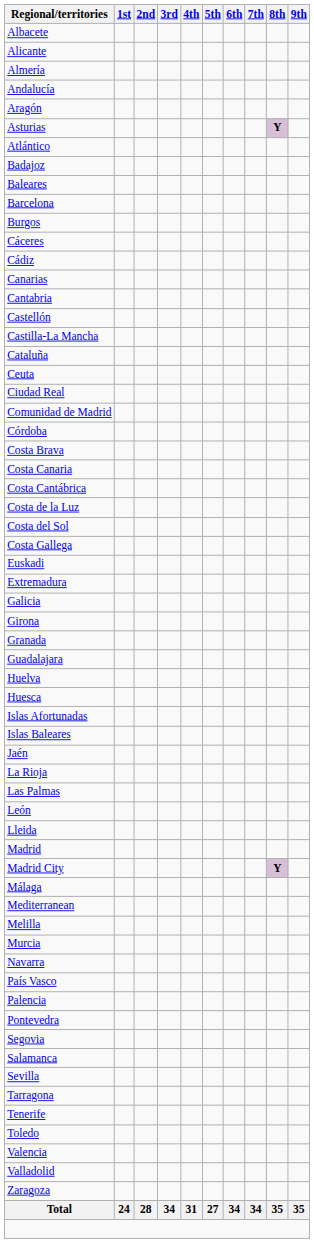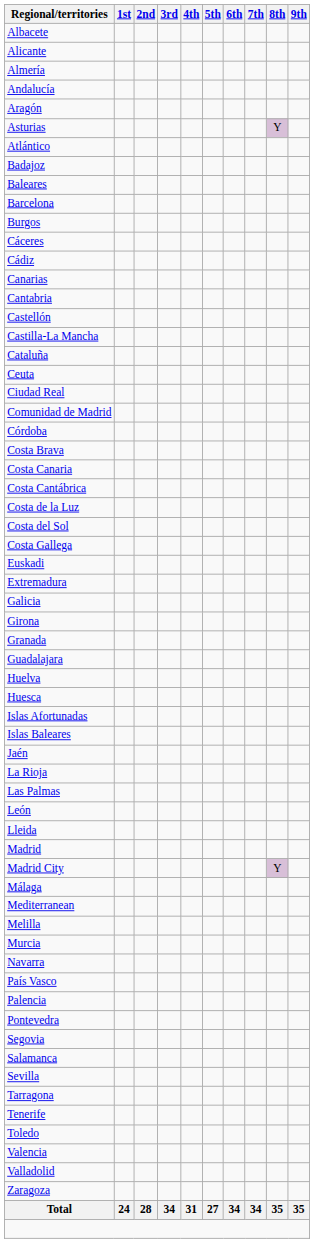 <table class="wikitable sortable" style="font-size: 80%;">
 <tr>
 <th>Regional/territories</th>
 <th><a href='#'>1st</a></th>
 <th><a href='#'>2nd</a></th>
 <th><a href='#'>3rd</a></th>
 <th><a href='#'>4th</a></th>
 <th><a href='#'>5th</a></th>
 <th><a href='#'>6th</a></th>
 <th><a href='#'>7th</a></th>
 <th><a href='#'>8th</a></th>
 <th><a href='#'>9th</a></th>
 </tr>
 <tr>
 <td><a href='#'>Albacete</a></td>
 <td></td>
 <td></td>
 <td></td>
 <td></td>
 <td></td>
 <td></td>
 <td></td>
 <td></td>
 <td></td>
 </tr>
 <tr>
 <td><a href='#'>Alicante</a></td>
 <td></td>
 <td></td>
 <td></td>
 <td></td>
 <td></td>
 <td></td>
 <td></td>
 <td></td>
 <td></td>
 </tr>
 <tr>
 <td><a href='#'>Almería</a></td>
 <td></td>
 <td></td>
 <td></td>
 <td></td>
 <td></td>
 <td></td>
 <td></td>
 <td></td>
 <td></td>
 </tr>
 <tr>
 <td><a href='#'>Andalucía</a></td>
 <td></td>
 <td></td>
 <td></td>
 <td></td>
 <td></td>
 <td></td>
 <td></td>
 <td></td>
 <td></td>
 </tr>
 <tr>
 <td><a href='#'>Aragón</a></td>
 <td></td>
 <td></td>
 <td></td>
 <td></td>
 <td></td>
 <td></td>
 <td></td>
 <td></td>
 <td></td>
 </tr>
 <tr>
 <td><a href='#'>Asturias</a></td>
 <td></td>
 <td></td>
 <td></td>
 <td></td>
 <td></td>
 <td></td>
 <td></td>
-<td bgcolor=#D8BFD8 align=center><strong>Y</strong></td>
+<td bgcolor=#D8BFD8 align=center>Y</td>
 <td></td>
 </tr>
 <tr>
 <td><a href='#'>Atlántico</a></td>
 <td></td>
 <td></td>
 <td></td>
 <td></td>
 <td></td>
 <td></td>
 <td></td>
 <td></td>
 <td></td>
 </tr>
 <tr>
 <td><a href='#'>Badajoz</a></td>
 <td></td>
 <td></td>
 <td></td>
 <td></td>
 <td></td>
 <td></td>
 <td></td>
 <td></td>
 <td></td>
 </tr>
 <tr>
 <td><a href='#'>Baleares</a></td>
 <td></td>
 <td></td>
 <td></td>
 <td></td>
 <td></td>
 <td></td>
 <td></td>
 <td></td>
 <td></td>
 </tr>
 <tr>
 <td><a href='#'>Barcelona</a></td>
 <td></td>
 <td></td>
 <td></td>
 <td></td>
 <td></td>
 <td></td>
 <td></td>
 <td></td>
 <td></td>
 </tr>
 <tr>
 <td><a href='#'>Burgos</a></td>
 <td></td>
 <td></td>
 <td></td>
 <td></td>
 <td></td>
 <td></td>
 <td></td>
 <td></td>
 <td></td>
 </tr>
 <tr>
 <td><a href='#'>Cáceres</a></td>
 <td></td>
 <td></td>
 <td></td>
 <td></td>
 <td></td>
 <td></td>
 <td></td>
 <td></td>
 <td></td>
 </tr>
 <tr>
 <td><a href='#'>Cádiz</a></td>
 <td></td>
 <td></td>
 <td></td>
 <td></td>
 <td></td>
 <td></td>
 <td></td>
 <td></td>
 <td></td>
 </tr>
 <tr>
 <td><a href='#'>Canarias</a></td>
 <td></td>
 <td></td>
 <td></td>
 <td></td>
 <td></td>
 <td></td>
 <td></td>
 <td></td>
 <td></td>
 </tr>
 <tr>
 <td><a href='#'>Cantabria</a></td>
 <td></td>
 <td></td>
 <td></td>
 <td></td>
 <td></td>
 <td></td>
 <td></td>
 <td></td>
 <td></td>
 </tr>
 <tr>
 <td><a href='#'>Castellón</a></td>
 <td></td>
 <td></td>
 <td></td>
 <td></td>
 <td></td>
 <td></td>
 <td></td>
 <td></td>
 <td></td>
 </tr>
 <tr>
 <td><a href='#'>Castilla-La Mancha</a></td>
 <td></td>
 <td></td>
 <td></td>
 <td></td>
 <td></td>
 <td></td>
 <td></td>
 <td></td>
 <td></td>
 </tr>
 <tr>
 <td><a href='#'>Cataluña</a></td>
 <td></td>
 <td></td>
 <td></td>
 <td></td>
 <td></td>
 <td></td>
 <td></td>
 <td></td>
 <td></td>
 </tr>
 <tr>
 <td><a href='#'>Ceuta</a></td>
 <td></td>
 <td></td>
 <td></td>
 <td></td>
 <td></td>
 <td></td>
 <td></td>
 <td></td>
 <td></td>
 </tr>
 <tr>
 <td><a href='#'>Ciudad Real</a></td>
 <td></td>
 <td></td>
 <td></td>
 <td></td>
 <td></td>
 <td></td>
 <td></td>
 <td></td>
 <td></td>
 </tr>
 <tr>
 <td><a href='#'>Comunidad de Madrid</a></td>
 <td></td>
 <td></td>
 <td></td>
 <td></td>
 <td></td>
 <td></td>
 <td></td>
 <td></td>
 <td></td>
 </tr>
 <tr>
 <td><a href='#'>Córdoba</a></td>
 <td></td>
 <td></td>
 <td></td>
 <td></td>
 <td></td>
 <td></td>
 <td></td>
 <td></td>
 <td></td>
 </tr>
 <tr>
 <td><a href='#'>Costa Brava</a></td>
 <td></td>
 <td></td>
 <td></td>
 <td></td>
 <td></td>
 <td></td>
 <td></td>
 <td></td>
 <td></td>
 </tr>
 <tr>
 <td><a href='#'>Costa Canaria</a></td>
 <td></td>
 <td></td>
 <td></td>
 <td></td>
 <td></td>
 <td></td>
 <td></td>
 <td></td>
 <td></td>
 </tr>
 <tr>
 <td><a href='#'>Costa Cantábrica</a></td>
 <td></td>
 <td></td>
 <td></td>
 <td></td>
 <td></td>
 <td></td>
 <td></td>
 <td></td>
 <td></td>
 </tr>
 <tr>
 <td><a href='#'>Costa de la Luz</a></td>
 <td></td>
 <td></td>
 <td></td>
 <td></td>
 <td></td>
 <td></td>
 <td></td>
 <td></td>
 <td></td>
 </tr>
 <tr>
 <td><a href='#'>Costa del Sol</a></td>
 <td></td>
 <td></td>
 <td></td>
 <td></td>
 <td></td>
 <td></td>
 <td></td>
 <td></td>
 <td></td>
 </tr>
 <tr>
 <td><a href='#'>Costa Gallega</a></td>
 <td></td>
 <td></td>
 <td></td>
 <td></td>
 <td></td>
 <td></td>
 <td></td>
 <td></td>
 <td></td>
 </tr>
 <tr>
 <td><a href='#'>Euskadi</a></td>
 <td></td>
 <td></td>
 <td></td>
 <td></td>
 <td></td>
 <td></td>
 <td></td>
 <td></td>
 <td></td>
 </tr>
 <tr>
 <td><a href='#'>Extremadura</a></td>
 <td></td>
 <td></td>
 <td></td>
 <td></td>
 <td></td>
 <td></td>
 <td></td>
 <td></td>
 <td></td>
 </tr>
 <tr>
 <td><a href='#'>Galicia</a></td>
 <td></td>
 <td></td>
 <td></td>
 <td></td>
 <td></td>
 <td></td>
 <td></td>
 <td></td>
 <td></td>
 </tr>
 <tr>
 <td><a href='#'>Girona</a></td>
 <td></td>
 <td></td>
 <td></td>
 <td></td>
 <td></td>
 <td></td>
 <td></td>
 <td></td>
 <td></td>
 </tr>
 <tr>
 <td><a href='#'>Granada</a></td>
 <td></td>
 <td></td>
 <td></td>
 <td></td>
 <td></td>
 <td></td>
 <td></td>
 <td></td>
 <td></td>
 </tr>
 <tr>
 <td><a href='#'>Guadalajara</a></td>
 <td></td>
 <td></td>
 <td></td>
 <td></td>
 <td></td>
 <td></td>
 <td></td>
 <td></td>
 <td></td>
 </tr>
 <tr>
 <td><a href='#'>Huelva</a></td>
 <td></td>
 <td></td>
 <td></td>
 <td></td>
 <td></td>
 <td></td>
 <td></td>
 <td></td>
 <td></td>
 </tr>
 <tr>
 <td><a href='#'>Huesca</a></td>
 <td></td>
 <td></td>
 <td></td>
 <td></td>
 <td></td>
 <td></td>
 <td></td>
 <td></td>
 <td></td>
 </tr>
 <tr>
 <td><a href='#'>Islas Afortunadas</a></td>
 <td></td>
 <td></td>
 <td></td>
 <td></td>
 <td></td>
 <td></td>
 <td></td>
 <td></td>
 <td></td>
 </tr>
 <tr>
 <td><a href='#'>Islas Baleares</a></td>
 <td></td>
 <td></td>
 <td></td>
 <td></td>
 <td></td>
 <td></td>
 <td></td>
 <td></td>
 <td></td>
 </tr>
 <tr>
 <td><a href='#'>Jaén</a></td>
 <td></td>
 <td></td>
 <td></td>
 <td></td>
 <td></td>
 <td></td>
 <td></td>
 <td></td>
 <td></td>
 </tr>
 <tr>
 <td><a href='#'>La Rioja</a></td>
 <td></td>
 <td></td>
 <td></td>
 <td></td>
 <td></td>
 <td></td>
 <td></td>
 <td></td>
 <td></td>
 </tr>
 <tr>
 <td><a href='#'>Las Palmas</a></td>
 <td></td>
 <td></td>
 <td></td>
 <td></td>
 <td></td>
 <td></td>
 <td></td>
 <td></td>
 <td></td>
 </tr>
 <tr>
 <td><a href='#'>León</a></td>
 <td></td>
 <td></td>
 <td></td>
 <td></td>
 <td></td>
 <td></td>
 <td></td>
 <td></td>
 <td></td>
 </tr>
 <tr>
 <td><a href='#'>Lleida</a></td>
 <td></td>
 <td></td>
 <td></td>
 <td></td>
 <td></td>
 <td></td>
 <td></td>
 <td></td>
 <td></td>
 </tr>
 <tr>
 <td><a href='#'>Madrid</a></td>
 <td></td>
 <td></td>
 <td></td>
 <td></td>
 <td></td>
 <td></td>
 <td></td>
 <td></td>
 <td></td>
 </tr>
 <tr>
 <td><a href='#'>Madrid City</a></td>
 <td></td>
 <td></td>
 <td></td>
 <td></td>
 <td></td>
 <td></td>
 <td></td>
-<td bgcolor=#D8BFD8 align=center><strong>Y</strong></td>
+<td bgcolor=#D8BFD8 align=center>Y</td>
 <td></td>
 </tr>
 <tr>
 <td><a href='#'>Málaga</a></td>
 <td></td>
 <td></td>
 <td></td>
 <td></td>
 <td></td>
 <td></td>
 <td></td>
 <td></td>
 <td></td>
 </tr>
 <tr>
 <td><a href='#'>Mediterranean</a></td>
 <td></td>
 <td></td>
 <td></td>
 <td></td>
 <td></td>
 <td></td>
 <td></td>
 <td></td>
 <td></td>
 </tr>
 <tr>
 <td><a href='#'>Melilla</a></td>
 <td></td>
 <td></td>
 <td></td>
 <td></td>
 <td></td>
 <td></td>
 <td></td>
 <td></td>
 <td></td>
 </tr>
 <tr>
 <td><a href='#'>Murcia</a></td>
 <td></td>
 <td></td>
 <td></td>
 <td></td>
 <td></td>
 <td></td>
 <td></td>
 <td></td>
 <td></td>
 </tr>
 <tr>
 <td><a href='#'>Navarra</a></td>
 <td></td>
 <td></td>
 <td></td>
 <td></td>
 <td></td>
 <td></td>
 <td></td>
 <td></td>
 <td></td>
 </tr>
 <tr>
 <td><a href='#'>País Vasco</a></td>
 <td></td>
 <td></td>
 <td></td>
 <td></td>
 <td></td>
 <td></td>
 <td></td>
 <td></td>
 <td></td>
 </tr>
 <tr>
 <td><a href='#'>Palencia</a></td>
 <td></td>
 <td></td>
 <td></td>
 <td></td>
 <td></td>
 <td></td>
 <td></td>
 <td></td>
 <td></td>
 </tr>
 <tr>
 <td><a href='#'>Pontevedra</a></td>
 <td></td>
 <td></td>
 <td></td>
 <td></td>
 <td></td>
 <td></td>
 <td></td>
 <td></td>
 <td></td>
 </tr>
 <tr>
 <td><a href='#'>Segovia</a></td>
 <td></td>
 <td></td>
 <td></td>
 <td></td>
 <td></td>
 <td></td>
 <td></td>
 <td></td>
 <td></td>
 </tr>
 <tr>
 <td><a href='#'>Salamanca</a></td>
 <td></td>
 <td></td>
 <td></td>
 <td></td>
 <td></td>
 <td></td>
 <td></td>
 <td></td>
 <td></td>
 </tr>
 <tr>
 <td><a href='#'>Sevilla</a></td>
 <td></td>
 <td></td>
 <td></td>
 <td></td>
 <td></td>
 <td></td>
 <td></td>
 <td></td>
 <td></td>
 </tr>
 <tr>
 <td><a href='#'>Tarragona</a></td>
 <td></td>
 <td></td>
 <td></td>
 <td></td>
 <td></td>
 <td></td>
 <td></td>
 <td></td>
 <td></td>
 </tr>
 <tr>
 <td><a href='#'>Tenerife</a></td>
 <td></td>
 <td></td>
 <td></td>
 <td></td>
 <td></td>
 <td></td>
 <td></td>
 <td></td>
 <td></td>
 </tr>
 <tr>
 <td><a href='#'>Toledo</a></td>
 <td></td>
 <td></td>
 <td></td>
 <td></td>
 <td></td>
 <td></td>
 <td></td>
 <td></td>
 <td></td>
 </tr>
 <tr>
 <td><a href='#'>Valencia</a></td>
 <td></td>
 <td></td>
 <td></td>
 <td></td>
 <td></td>
 <td></td>
 <td></td>
 <td></td>
 <td></td>
 </tr>
 <tr>
 <td><a href='#'>Valladolid</a></td>
 <td></td>
 <td></td>
 <td></td>
 <td></td>
 <td></td>
 <td></td>
 <td></td>
 <td></td>
 <td></td>
 </tr>
 <tr>
 <td><a href='#'>Zaragoza</a></td>
 <td></td>
 <td></td>
 <td></td>
 <td></td>
 <td></td>
 <td></td>
 <td></td>
 <td></td>
 <td></td>
 </tr>
 <tr>
 <th>Total</th>
 <th>24</th>
 <th>28</th>
 <th>34</th>
 <th>31</th>
 <th>27</th>
 <th>34</th>
 <th>34</th>
 <th>35</th>
 <th>35</th>
 </tr>
 <tr>
 <td colspan="10" align=left><br></td>
 </tr>
 </table>
